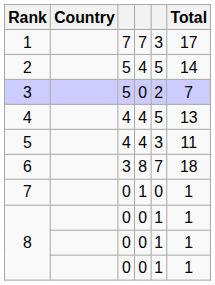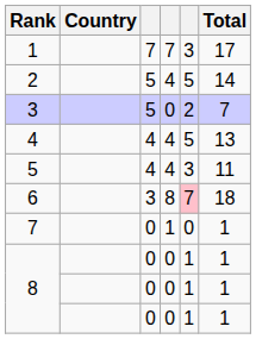 <table class="wikitable" style="text-align: center; font-size: 95%">
 <tr>
 <th>Rank</th>
 <th>Country</th>
 <th></th>
 <th></th>
 <th></th>
 <th>Total</th>
 </tr>
 <tr>
 <td>1</td>
 <td style="text-align: left"></td>
 <td>7</td>
 <td>7</td>
 <td>3</td>
 <td>17</td>
 </tr>
 <tr>
 <td>2</td>
 <td style="text-align: left"></td>
 <td>5</td>
 <td>4</td>
 <td>5</td>
 <td>14</td>
 </tr>
 <tr style="background: #ccccff">
 <td>3</td>
 <td style="text-align: left"></td>
 <td>5</td>
 <td>0</td>
 <td>2</td>
 <td>7</td>
 </tr>
 <tr>
 <td>4</td>
 <td style="text-align: left"></td>
 <td>4</td>
 <td>4</td>
 <td>5</td>
 <td>13</td>
 </tr>
 <tr>
 <td>5</td>
 <td style="text-align: left"></td>
 <td>4</td>
 <td>4</td>
 <td>3</td>
 <td>11</td>
 </tr>
 <tr>
 <td>6</td>
 <td style="text-align: left"></td>
 <td>3</td>
 <td>8</td>
-<td>7</td>
+<td style="background: pink;">7</td>
 <td>18</td>
 </tr>
 <tr>
 <td>7</td>
 <td style="text-align: left"></td>
 <td>0</td>
 <td>1</td>
 <td>0</td>
 <td>1</td>
 </tr>
 <tr>
 <td rowspan=3>8</td>
 <td style="text-align: left"></td>
 <td>0</td>
 <td>0</td>
 <td>1</td>
 <td>1</td>
 </tr>
 <tr>
 <td style="text-align: left"></td>
 <td>0</td>
 <td>0</td>
 <td>1</td>
 <td>1</td>
 </tr>
 <tr>
 <td style="text-align: left"></td>
 <td>0</td>
 <td>0</td>
 <td>1</td>
 <td>1</td>
 </tr>
 </table>
